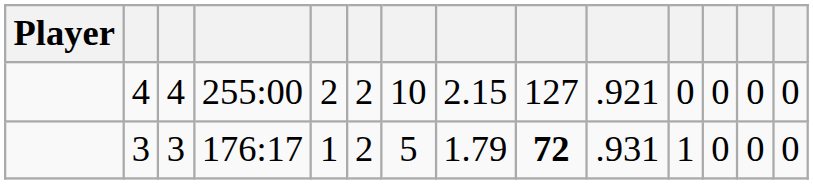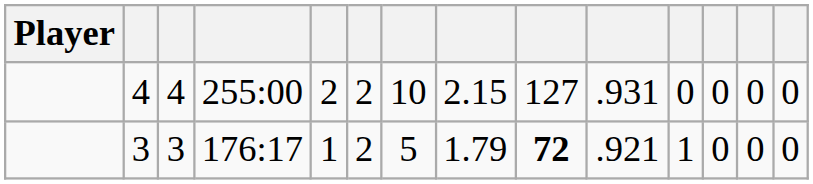 <table class="wikitable sortable" style="text-align:center;">
 <tr>
 <th>Player</th>
 <th></th>
 <th></th>
 <th></th>
 <th></th>
 <th></th>
 <th></th>
 <th></th>
 <th></th>
 <th></th>
 <th></th>
 <th></th>
 <th></th>
 <th></th>
 </tr>
 <tr>
 <td></td>
 <td>4</td>
 <td>4</td>
 <td>255:00</td>
 <td>2</td>
 <td>2</td>
 <td>10</td>
 <td>2.15</td>
 <td>127</td>
-<td>.921</td>
+<td>.931</td>
 <td>0</td>
 <td>0</td>
 <td>0</td>
 <td>0</td>
 </tr>
 <tr>
 <td></td>
 <td>3</td>
 <td>3</td>
 <td>176:17</td>
 <td>1</td>
 <td>2</td>
 <td>5</td>
 <td>1.79</td>
 <td><strong>72</strong></td>
-<td>.931</td>
+<td>.921</td>
 <td>1</td>
 <td>0</td>
 <td>0</td>
 <td>0</td>
 </tr>
 </table>
